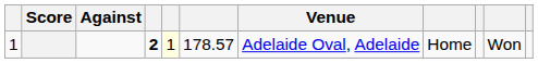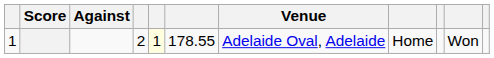 <table class="wikitable plainrowheaders">
 <tr>
 <th></th>
 <th>Score</th>
 <th>Against</th>
 <th><a href='#'></a></th>
 <th><a href='#'></a></th>
 <th><a href='#'></a></th>
 <th>Venue</th>
 <th></th>
 <th></th>
 <th></th>
 <th scope=col class="unsortable"></th>
 </tr>
 <tr>
 <td>1</td>
 <th scope=row></th>
 <td></td>
-<td><strong>2</strong></td>
+<td>2</td>
 <td style="background: lightyellow;">1</td>
-<td>178.57</td>
+<td>178.55</td>
 <td><a href='#'>Adelaide Oval</a>, <a href='#'>Adelaide</a></td>
 <td>Home</td>
 <td></td>
 <td>Won</td>
 <td></td>
 </tr>
 </table>
